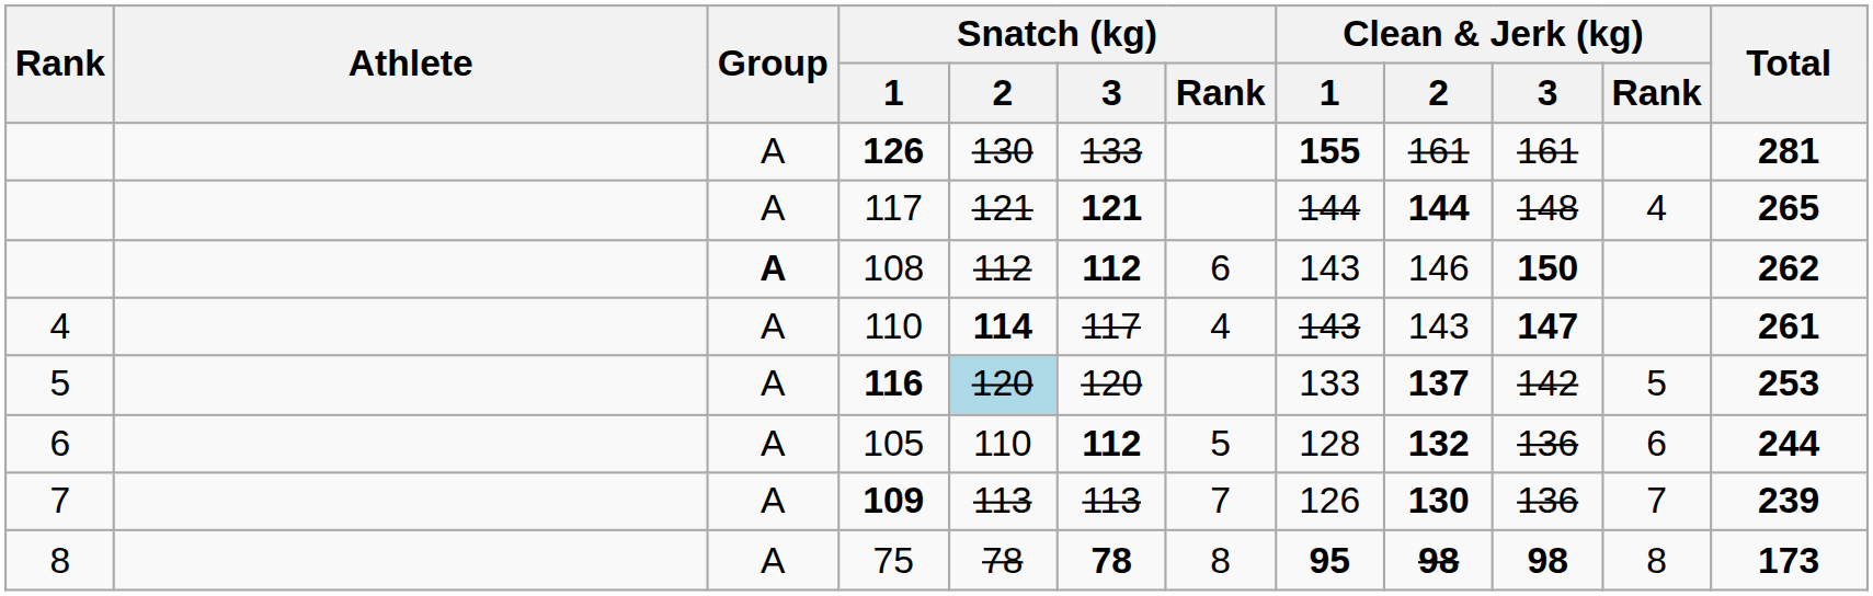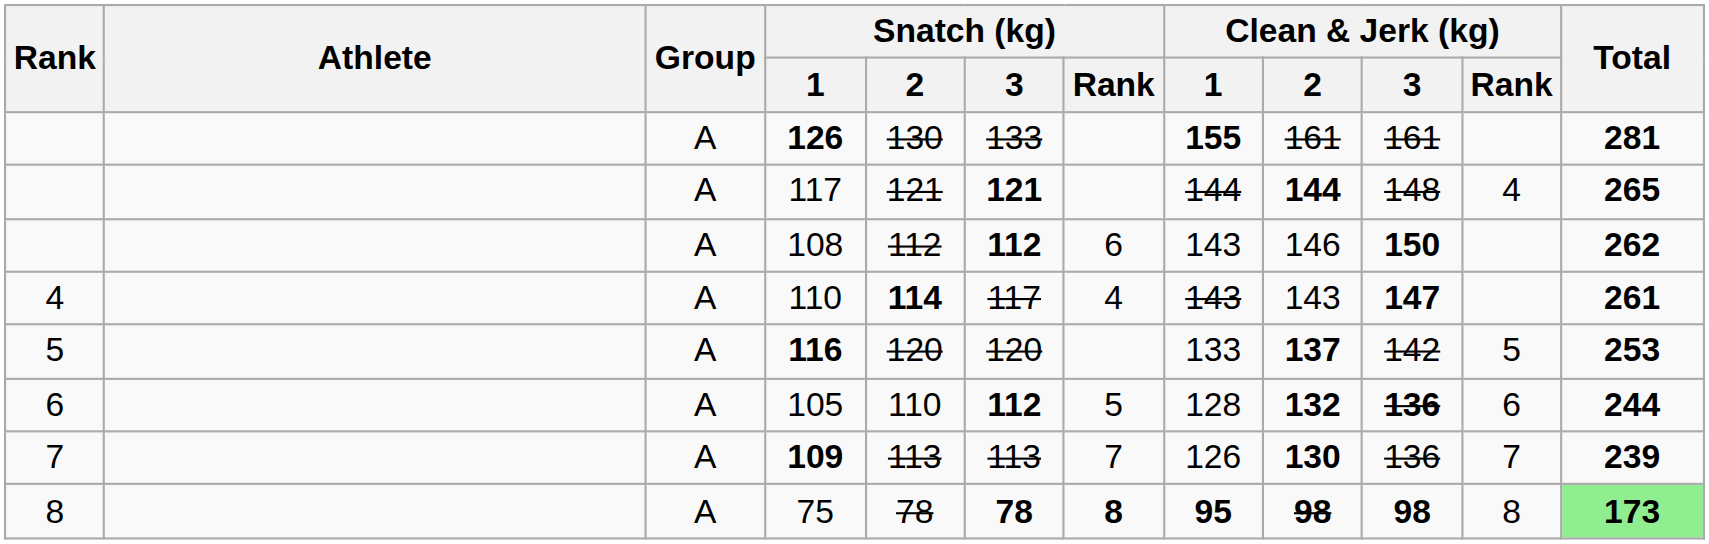 <table class = "wikitable" style="text-align:center;">
 <tr>
 <th rowspan=2 width=40>Rank</th>
 <th rowspan=2 width=250>Athlete</th>
 <th rowspan=2 width=50>Group</th>
 <th colspan=4>Snatch (kg)</th>
 <th colspan=4>Clean & Jerk (kg)</th>
 <th rowspan=2 width=60>Total</th>
 </tr>
 <tr>
 <th width=40>1</th>
 <th width=40>2</th>
 <th width=40>3</th>
 <th width=40>Rank</th>
 <th width=40>1</th>
 <th width=40>2</th>
 <th width=40>3</th>
 <th width=40>Rank</th>
 </tr>
 <tr>
 <td></td>
 <td align=left></td>
 <td>A</td>
 <td><strong>126</strong></td>
 <td><s>130</s></td>
 <td><s>133</s></td>
 <td></td>
 <td><strong>155</strong></td>
 <td><s>161</s></td>
 <td><s>161</s></td>
 <td></td>
 <td><strong>281</strong></td>
 </tr>
 <tr>
 <td></td>
 <td align=left></td>
 <td>A</td>
 <td>117</td>
 <td><s>121</s></td>
 <td><strong>121</strong></td>
 <td></td>
 <td><s>144</s></td>
 <td><strong>144</strong></td>
 <td><s>148</s></td>
 <td>4</td>
 <td><strong>265</strong></td>
 </tr>
 <tr>
 <td></td>
 <td align=left></td>
-<td><strong>A</strong></td>
+<td>A</td>
 <td>108</td>
 <td><s>112</s></td>
 <td><strong>112</strong></td>
 <td>6</td>
 <td>143</td>
 <td>146</td>
 <td><strong>150</strong></td>
 <td></td>
 <td><strong>262</strong></td>
 </tr>
 <tr>
 <td>4</td>
 <td align=left></td>
 <td>A</td>
 <td>110</td>
 <td><strong>114</strong></td>
 <td><s>117</s></td>
 <td>4</td>
 <td><s>143</s></td>
 <td>143</td>
 <td><strong>147</strong></td>
 <td></td>
 <td><strong>261</strong></td>
 </tr>
 <tr>
 <td>5</td>
 <td align=left></td>
 <td>A</td>
 <td><strong>116</strong></td>
-<td style="background: lightblue;"><s>120</s></td>
+<td><s>120</s></td>
 <td><s>120</s></td>
 <td></td>
 <td>133</td>
 <td><strong>137</strong></td>
 <td><s>142</s></td>
 <td>5</td>
 <td><strong>253</strong></td>
 </tr>
 <tr>
 <td>6</td>
 <td align=left></td>
 <td>A</td>
 <td>105</td>
 <td>110</td>
 <td><strong>112</strong></td>
 <td>5</td>
 <td>128</td>
 <td><strong>132</strong></td>
-<td><s>136</s></td>
+<td><strong><s>136</s></strong></td>
 <td>6</td>
 <td><strong>244</strong></td>
 </tr>
 <tr>
 <td>7</td>
 <td align=left></td>
 <td>A</td>
 <td><strong>109</strong></td>
 <td><s>113</s></td>
 <td><s>113</s></td>
 <td>7</td>
 <td>126</td>
 <td><strong>130</strong></td>
 <td><s>136</s></td>
 <td>7</td>
 <td><strong>239</strong></td>
 </tr>
 <tr>
 <td>8</td>
 <td align=left></td>
 <td>A</td>
 <td>75</td>
 <td><s>78</s></td>
 <td><strong>78</strong></td>
-<td>8</td>
+<td><strong>8</strong></td>
 <td><strong>95</strong></td>
 <td><strong><s>98</s></strong></td>
 <td><strong>98</strong></td>
 <td>8</td>
-<td><strong>173</strong></td>
+<td style="background: lightgreen;"><strong>173</strong></td>
 </tr>
 </table>
